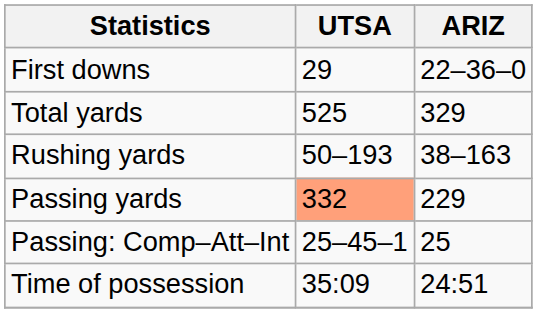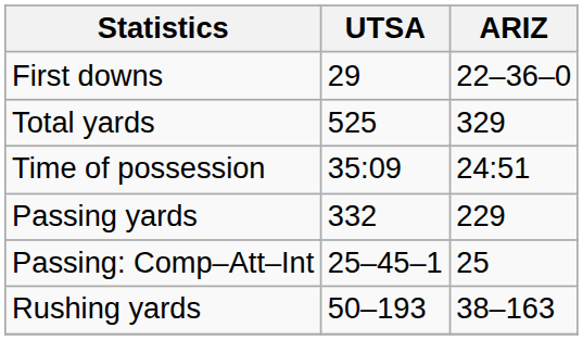 <table class="wikitable" style="float: left;">
 <tr>
 <th>Statistics</th>
 <th>UTSA</th>
 <th>ARIZ</th>
 </tr>
 <tr>
 <td>First downs</td>
 <td>29</td>
 <td>22–36–0</td>
 </tr>
 <tr>
 <td>Total yards</td>
 <td>525</td>
 <td>329</td>
 </tr>
 <tr>
-<td>Rushing yards</td>
-<td>50–193</td>
-<td>38–163</td>
+<td>Time of possession</td>
+<td>35:09</td>
+<td>24:51</td>
 </tr>
 <tr>
 <td>Passing yards</td>
-<td style="background: lightsalmon;">332</td>
+<td>332</td>
 <td>229</td>
 </tr>
 <tr>
 <td>Passing: Comp–Att–Int</td>
 <td>25–45–1</td>
 <td>25</td>
 </tr>
 <tr>
-<td>Time of possession</td>
-<td>35:09</td>
-<td>24:51</td>
+<td>Rushing yards</td>
+<td>50–193</td>
+<td>38–163</td>
 </tr>
 <tr>
 </tr>
 </table>
